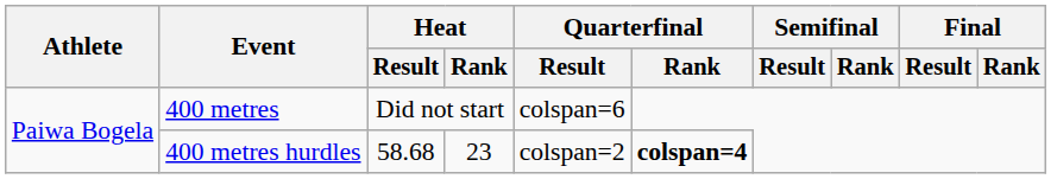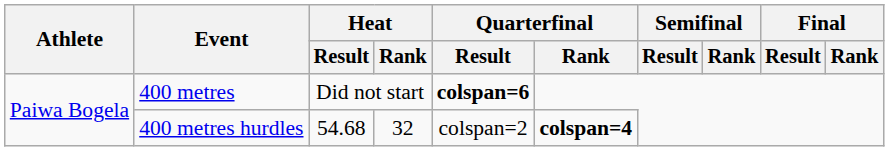 <table class=wikitable style=font-size:90%>
 <tr>
 <th rowspan=2>Athlete</th>
 <th rowspan=2>Event</th>
 <th colspan=2>Heat</th>
 <th colspan=2>Quarterfinal</th>
 <th colspan=2>Semifinal</th>
 <th colspan=2>Final</th>
 </tr>
 <tr style=font-size:95%>
 <th>Result</th>
 <th>Rank</th>
 <th>Result</th>
 <th>Rank</th>
 <th>Result</th>
 <th>Rank</th>
 <th>Result</th>
 <th>Rank</th>
 </tr>
 <tr align=center>
 <td align=left rowspan=2><a href='#'>Paiwa Bogela</a></td>
 <td align=left><a href='#'>400 metres</a></td>
 <td colspan=2>Did not start</td>
-<td>colspan=6 </td>
+<td><strong>colspan=6 </strong></td>
 </tr>
 <tr align=center>
 <td align=left><a href='#'>400 metres hurdles</a></td>
-<td>58.68</td>
-<td>23</td>
+<td>54.68</td>
+<td>32</td>
 <td>colspan=2 </td>
 <td><strong>colspan=4 </strong></td>
 </tr>
 </table>
